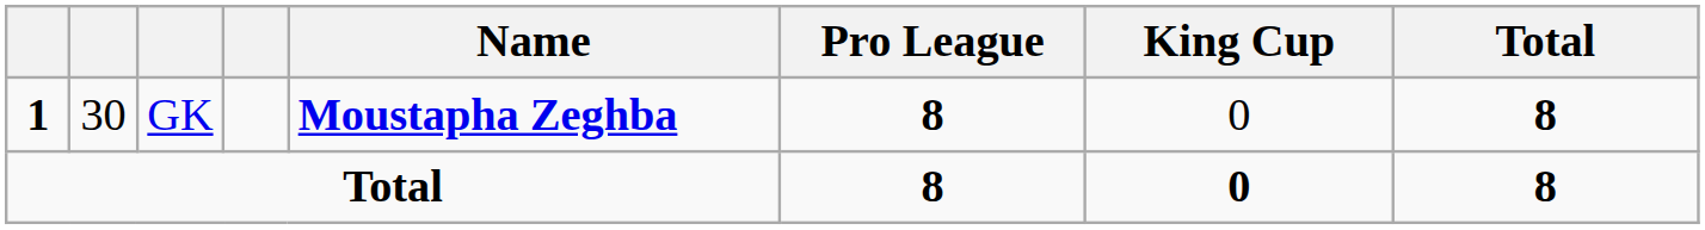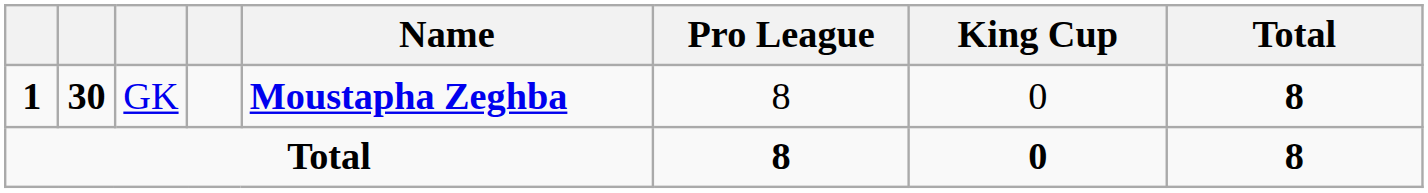 <table class="wikitable" style="text-align:center">
 <tr>
 <th width=15></th>
 <th width=15></th>
 <th width=15></th>
 <th width=15></th>
 <th width=165>Name</th>
 <th width=100>Pro League</th>
 <th width=100>King Cup</th>
 <th width=100>Total</th>
 </tr>
 <tr>
 <td><strong>1</strong></td>
-<td>30</td>
+<td><strong>30</strong></td>
 <td><a href='#'>GK</a></td>
 <td></td>
 <td align=left><strong><a href='#'>Moustapha Zeghba</a></strong></td>
-<td><strong>8</strong></td>
+<td>8</td>
 <td>0</td>
 <td><strong>8</strong></td>
 </tr>
 <tr>
 <td colspan=5><strong>Total</strong></td>
 <td><strong>8</strong></td>
 <td><strong>0</strong></td>
 <td><strong>8</strong></td>
 </tr>
 </table>
